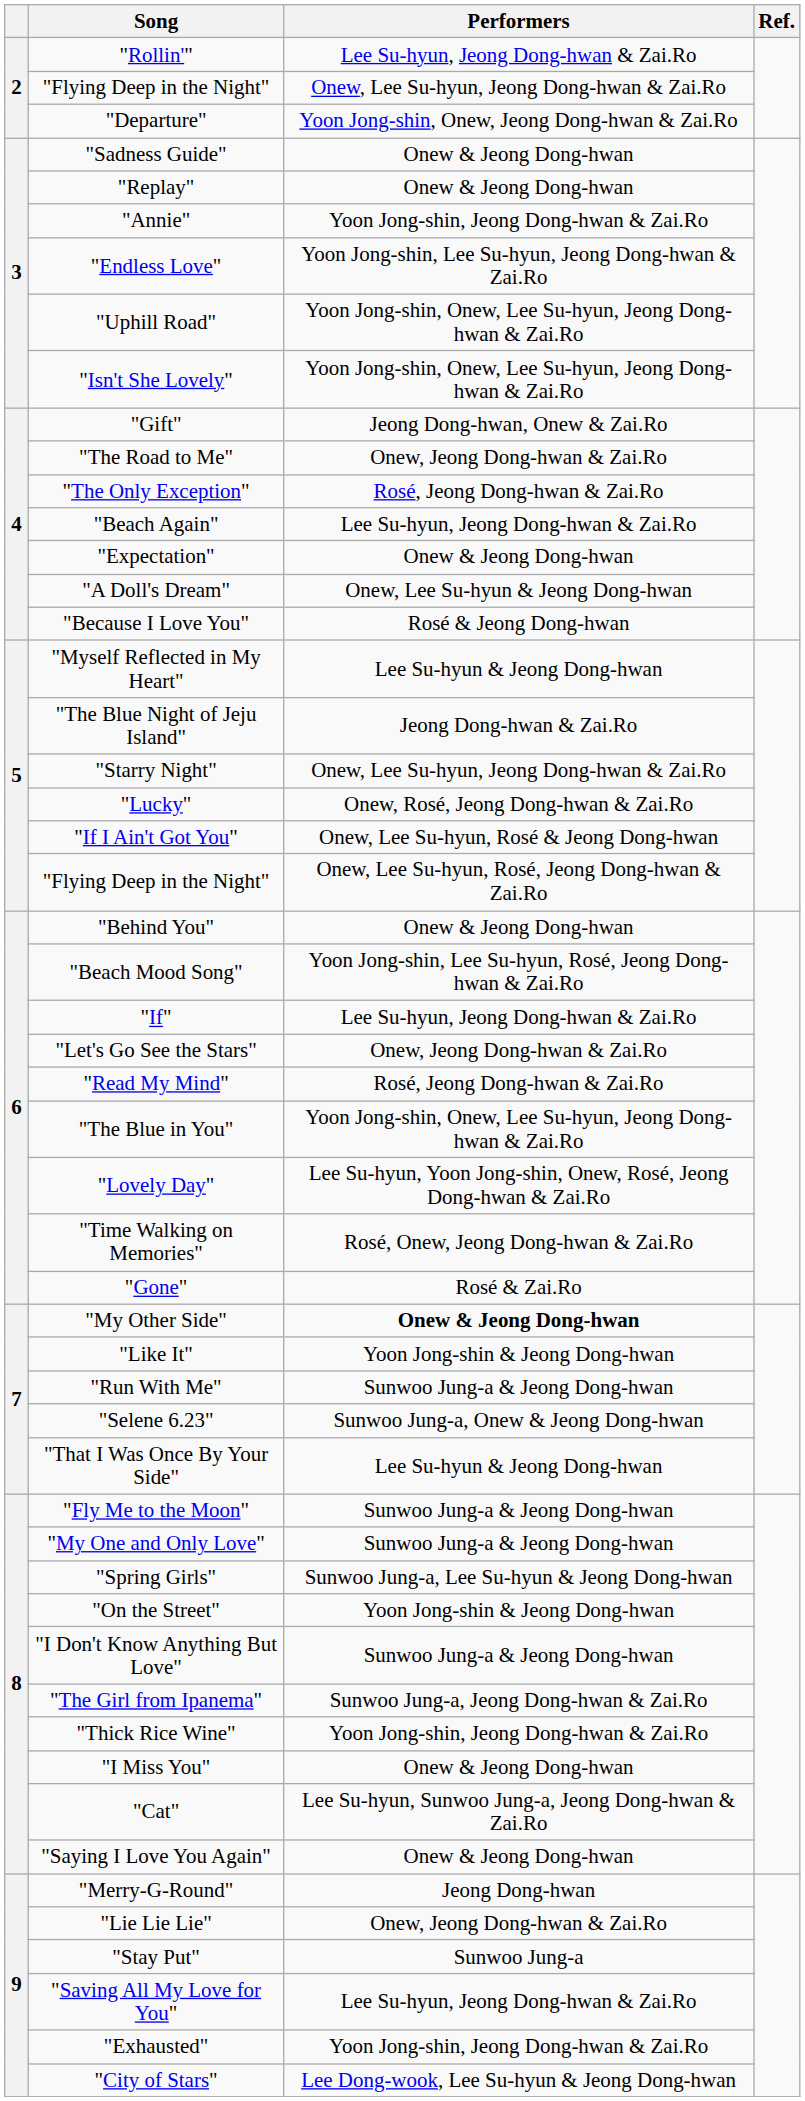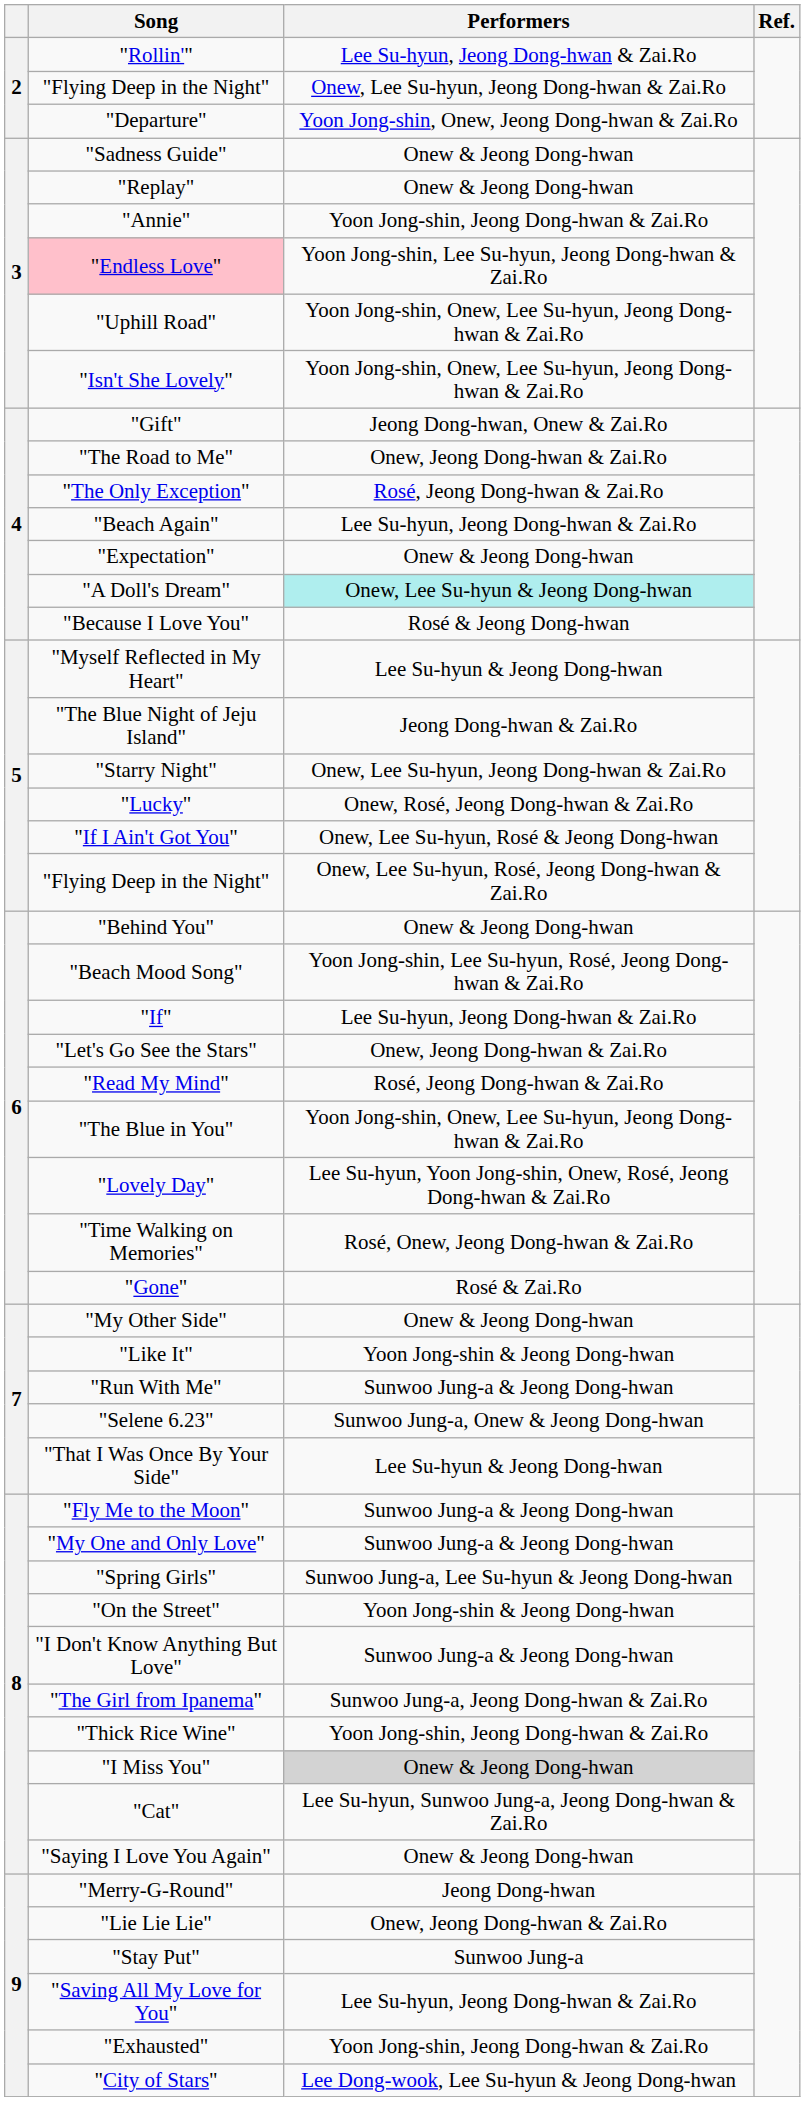 <table class="wikitable" style="text-align:center;">
 <tr>
 <th style="width:3%;"></th>
 <th>Song</th>
 <th>Performers</th>
 <th style="width:3%;">Ref.</th>
 </tr>
 <tr>
 <th rowspan=3>2</th>
 <td>"<a href='#'>Rollin'</a>" </td>
 <td><a href='#'>Lee Su-hyun</a>, <a href='#'>Jeong Dong-hwan</a> & Zai.Ro</td>
 <td rowspan=3></td>
 </tr>
 <tr>
 <td>"Flying Deep in the Night" </td>
 <td><a href='#'>Onew</a>, Lee Su-hyun, Jeong Dong-hwan & Zai.Ro</td>
 </tr>
 <tr>
 <td>"Departure" </td>
 <td><a href='#'>Yoon Jong-shin</a>, Onew, Jeong Dong-hwan & Zai.Ro</td>
 </tr>
 <tr>
 <th rowspan=6>3</th>
 <td>"Sadness Guide" </td>
 <td>Onew & Jeong Dong-hwan</td>
 <td rowspan=6></td>
 </tr>
 <tr>
 <td>"Replay" </td>
 <td>Onew & Jeong Dong-hwan</td>
 </tr>
 <tr>
 <td>"Annie" </td>
 <td>Yoon Jong-shin, Jeong Dong-hwan & Zai.Ro</td>
 </tr>
 <tr>
-<td>"<a href='#'>Endless Love</a>" </td>
+<td style="background: pink;">"<a href='#'>Endless Love</a>" </td>
 <td>Yoon Jong-shin, Lee Su-hyun, Jeong Dong-hwan & Zai.Ro</td>
 </tr>
 <tr>
 <td>"Uphill Road" </td>
 <td>Yoon Jong-shin, Onew, Lee Su-hyun, Jeong Dong-hwan & Zai.Ro</td>
 </tr>
 <tr>
 <td>"<a href='#'>Isn't She Lovely</a>" </td>
 <td>Yoon Jong-shin, Onew, Lee Su-hyun, Jeong Dong-hwan & Zai.Ro</td>
 </tr>
 <tr>
 <th rowspan=7>4</th>
 <td>"Gift" </td>
 <td>Jeong Dong-hwan, Onew & Zai.Ro</td>
 <td rowspan=7></td>
 </tr>
 <tr>
 <td>"The Road to Me" </td>
 <td>Onew, Jeong Dong-hwan & Zai.Ro</td>
 </tr>
 <tr>
 <td>"<a href='#'>The Only Exception</a>" </td>
 <td><a href='#'>Rosé</a>, Jeong Dong-hwan & Zai.Ro</td>
 </tr>
 <tr>
 <td>"Beach Again" </td>
 <td>Lee Su-hyun, Jeong Dong-hwan & Zai.Ro</td>
 </tr>
 <tr>
 <td>"Expectation" </td>
 <td>Onew & Jeong Dong-hwan</td>
 </tr>
 <tr>
 <td>"A Doll's Dream" </td>
-<td>Onew, Lee Su-hyun & Jeong Dong-hwan</td>
+<td style="background: paleturquoise;">Onew, Lee Su-hyun & Jeong Dong-hwan</td>
 </tr>
 <tr>
 <td>"Because I Love You" </td>
 <td>Rosé & Jeong Dong-hwan</td>
 </tr>
 <tr>
 <th rowspan=6>5</th>
 <td>"Myself Reflected in My Heart" </td>
 <td>Lee Su-hyun & Jeong Dong-hwan</td>
 <td rowspan=6></td>
 </tr>
 <tr>
 <td>"The Blue Night of Jeju Island" </td>
 <td>Jeong Dong-hwan & Zai.Ro</td>
 </tr>
 <tr>
 <td>"Starry Night" </td>
 <td>Onew, Lee Su-hyun, Jeong Dong-hwan & Zai.Ro</td>
 </tr>
 <tr>
 <td>"<a href='#'>Lucky</a>" </td>
 <td>Onew, Rosé, Jeong Dong-hwan & Zai.Ro</td>
 </tr>
 <tr>
 <td>"<a href='#'>If I Ain't Got You</a>" </td>
 <td>Onew, Lee Su-hyun, Rosé & Jeong Dong-hwan</td>
 </tr>
 <tr>
 <td>"Flying Deep in the Night" </td>
 <td>Onew, Lee Su-hyun, Rosé, Jeong Dong-hwan & Zai.Ro</td>
 </tr>
 <tr>
 <th rowspan=9>6</th>
 <td>"Behind You" </td>
 <td>Onew & Jeong Dong-hwan</td>
 <td rowspan=9></td>
 </tr>
 <tr>
 <td>"Beach Mood Song" </td>
 <td>Yoon Jong-shin, Lee Su-hyun, Rosé, Jeong Dong-hwan & Zai.Ro</td>
 </tr>
 <tr>
 <td>"<a href='#'>If</a>" </td>
 <td>Lee Su-hyun, Jeong Dong-hwan & Zai.Ro</td>
 </tr>
 <tr>
 <td>"Let's Go See the Stars" </td>
 <td>Onew, Jeong Dong-hwan & Zai.Ro</td>
 </tr>
 <tr>
 <td>"<a href='#'>Read My Mind</a>" </td>
 <td>Rosé, Jeong Dong-hwan & Zai.Ro</td>
 </tr>
 <tr>
 <td>"The Blue in You" </td>
 <td>Yoon Jong-shin, Onew, Lee Su-hyun, Jeong Dong-hwan & Zai.Ro</td>
 </tr>
 <tr>
 <td>"<a href='#'>Lovely Day</a>" </td>
 <td>Lee Su-hyun, Yoon Jong-shin, Onew, Rosé, Jeong Dong-hwan & Zai.Ro</td>
 </tr>
 <tr>
 <td>"Time Walking on Memories" </td>
 <td>Rosé, Onew, Jeong Dong-hwan & Zai.Ro</td>
 </tr>
 <tr>
 <td>"<a href='#'>Gone</a>" </td>
 <td>Rosé & Zai.Ro</td>
 </tr>
 <tr>
 <th rowspan=5>7</th>
 <td>"My Other Side" </td>
-<td><strong>Onew & Jeong Dong-hwan</strong></td>
+<td>Onew & Jeong Dong-hwan</td>
 <td rowspan=5></td>
 </tr>
 <tr>
 <td>"Like It" </td>
 <td>Yoon Jong-shin & Jeong Dong-hwan</td>
 </tr>
 <tr>
 <td>"Run With Me" </td>
 <td>Sunwoo Jung-a & Jeong Dong-hwan</td>
 </tr>
 <tr>
 <td>"Selene 6.23" </td>
 <td>Sunwoo Jung-a, Onew & Jeong Dong-hwan</td>
 </tr>
 <tr>
 <td>"That I Was Once By Your Side" </td>
 <td>Lee Su-hyun & Jeong Dong-hwan</td>
 </tr>
 <tr>
 <th rowspan=10>8</th>
 <td>"<a href='#'>Fly Me to the Moon</a>" </td>
 <td>Sunwoo Jung-a & Jeong Dong-hwan</td>
 <td rowspan=10></td>
 </tr>
 <tr>
 <td>"<a href='#'>My One and Only Love</a>" </td>
 <td>Sunwoo Jung-a & Jeong Dong-hwan</td>
 </tr>
 <tr>
 <td>"Spring Girls" </td>
 <td>Sunwoo Jung-a, Lee Su-hyun & Jeong Dong-hwan</td>
 </tr>
 <tr>
 <td>"On the Street" </td>
 <td>Yoon Jong-shin & Jeong Dong-hwan</td>
 </tr>
 <tr>
 <td>"I Don't Know Anything But Love" </td>
 <td>Sunwoo Jung-a & Jeong Dong-hwan</td>
 </tr>
 <tr>
 <td>"<a href='#'>The Girl from Ipanema</a>" </td>
 <td>Sunwoo Jung-a, Jeong Dong-hwan & Zai.Ro</td>
 </tr>
 <tr>
 <td>"Thick Rice Wine" </td>
 <td>Yoon Jong-shin, Jeong Dong-hwan & Zai.Ro</td>
 </tr>
 <tr>
 <td>"I Miss You" </td>
-<td>Onew & Jeong Dong-hwan</td>
+<td style="background: lightgrey;">Onew & Jeong Dong-hwan</td>
 </tr>
 <tr>
 <td>"Cat" </td>
 <td>Lee Su-hyun, Sunwoo Jung-a, Jeong Dong-hwan & Zai.Ro</td>
 </tr>
 <tr>
 <td>"Saying I Love You Again" </td>
 <td>Onew & Jeong Dong-hwan</td>
 </tr>
 <tr>
 <th rowspan=6>9</th>
 <td>"Merry-G-Round" </td>
 <td>Jeong Dong-hwan</td>
 <td rowspan=6></td>
 </tr>
 <tr>
 <td>"Lie Lie Lie" </td>
 <td>Onew, Jeong Dong-hwan & Zai.Ro</td>
 </tr>
 <tr>
 <td>"Stay Put" </td>
 <td>Sunwoo Jung-a</td>
 </tr>
 <tr>
 <td>"<a href='#'>Saving All My Love for You</a>" </td>
 <td>Lee Su-hyun, Jeong Dong-hwan & Zai.Ro</td>
 </tr>
 <tr>
 <td>"Exhausted" </td>
 <td>Yoon Jong-shin, Jeong Dong-hwan & Zai.Ro</td>
 </tr>
 <tr>
 <td>"<a href='#'>City of Stars</a>" </td>
 <td><a href='#'>Lee Dong-wook</a>, Lee Su-hyun & Jeong Dong-hwan</td>
 </tr>
 </table>
